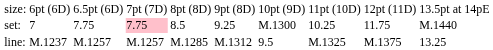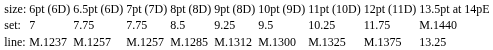 <table style="margin-left:40px;">
 <tr>
 <td>size:</td>
 <td>6pt (6D)</td>
 <td>6.5pt (6D)</td>
 <td>7pt (7D)</td>
 <td>8pt (8D)</td>
 <td>9pt (8D)</td>
 <td>10pt (9D)</td>
 <td>11pt (10D)</td>
 <td>12pt (11D)</td>
 <td>13.5pt at 14pE</td>
 </tr>
 <tr>
 <td>set:</td>
 <td>7</td>
 <td>7.75</td>
-<td style="background: pink;">7.75</td>
+<td>7.75</td>
 <td>8.5</td>
 <td>9.25</td>
-<td>M.1300</td>
+<td>9.5</td>
 <td>10.25</td>
 <td>11.75</td>
 <td>M.1440</td>
 </tr>
 <tr>
 <td>line:</td>
 <td>M.1237</td>
 <td>M.1257</td>
 <td>M.1257</td>
 <td>M.1285</td>
 <td>M.1312</td>
-<td>9.5</td>
+<td>M.1300</td>
 <td>M.1325</td>
 <td>M.1375</td>
 <td>13.25</td>
 </tr>
 </table>
